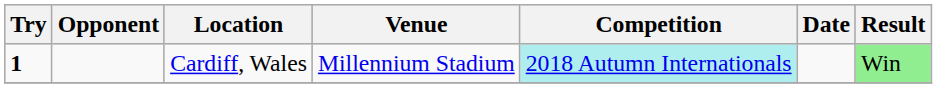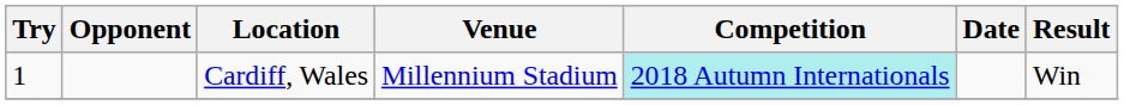 <table class="wikitable sortable" style="font-size:95%">
 <tr>
 <th>Try</th>
 <th>Opponent</th>
 <th>Location</th>
 <th>Venue</th>
 <th>Competition</th>
 <th>Date</th>
 <th>Result</th>
 </tr>
 <tr>
-<td><strong>1</strong></td>
+<td>1</td>
 <td></td>
 <td><a href='#'>Cardiff</a>, Wales</td>
 <td><a href='#'>Millennium Stadium</a></td>
 <td style="background: paleturquoise;"><a href='#'>2018 Autumn Internationals</a></td>
 <td></td>
-<td style="background: lightgreen;">Win</td>
+<td>Win</td>
 </tr>
 <tr>
 </tr>
 </table>
